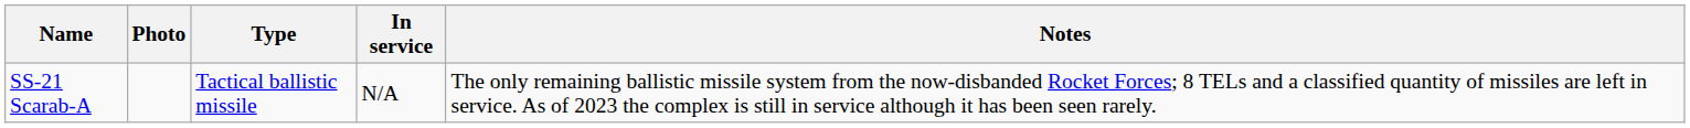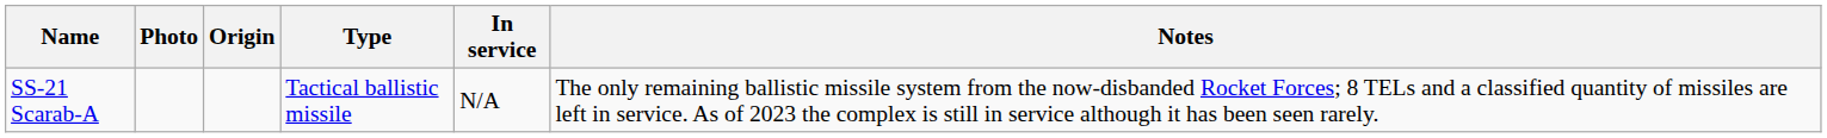 <table class="wikitable sortable">
 <tr>
 <th style="align: center;">Name</th>
 <th>Photo</th>
+<th>Origin</th>
 <th>Type</th>
 <th>In service</th>
 <th>Notes</th>
 </tr>
 <tr>
 <td><a href='#'>SS-21 Scarab-A</a></td>
 <td></td>
+<td></td>
 <td><a href='#'>Tactical ballistic missile</a></td>
 <td>N/A</td>
 <td>The only remaining ballistic missile system from the now-disbanded <a href='#'>Rocket Forces</a>; 8 TELs and a classified quantity of missiles are left in service. As of 2023 the complex is still in service although it has been seen rarely.</td>
 </tr>
 </table>
